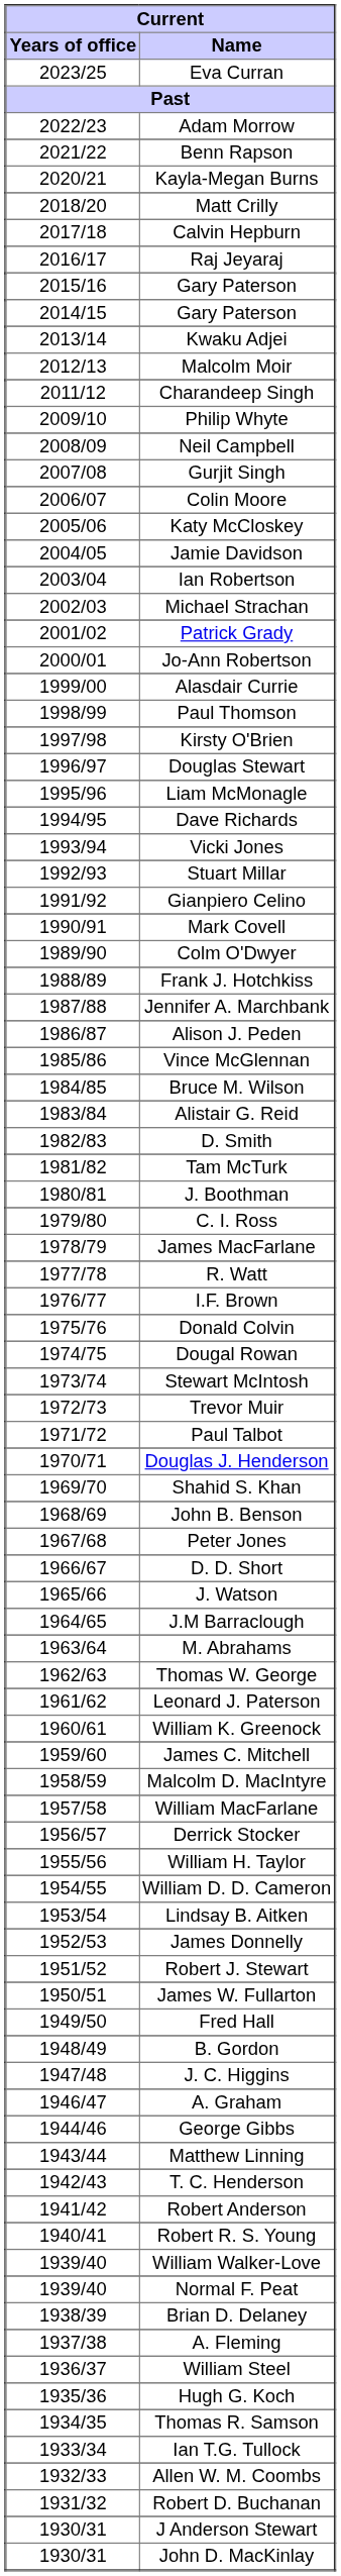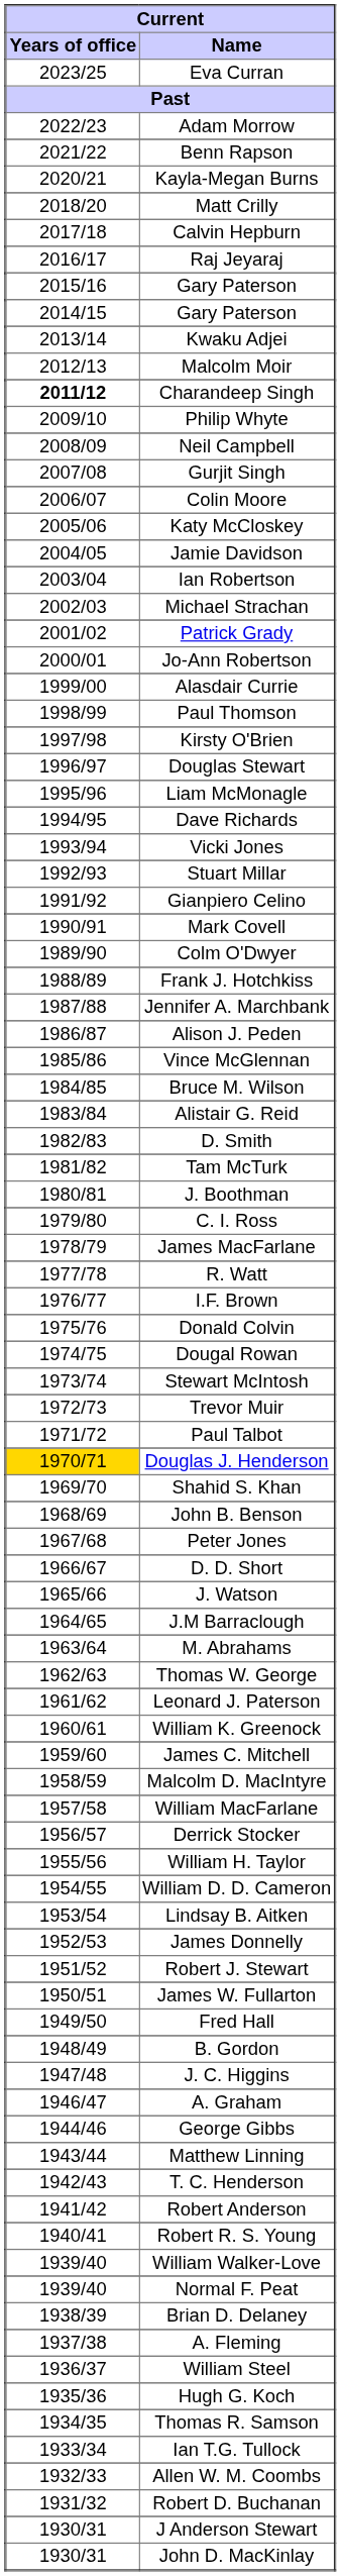 <table class="toccolours" align="center" border="2" cellspacing=0 cellpadding=2 style="text-align:center; border-collapse:collapse;">
 <tr style="background:#ccccff">
 <th colspan=4>Current</th>
 </tr>
 <tr style="background:#ccccff">
 <th>Years of office</th>
 <th>Name</th>
 </tr>
 <tr>
 <td>2023/25</td>
 <td>Eva Curran</td>
 </tr>
 <tr style="background:#ccccff">
 <th colspan=4>Past</th>
 </tr>
 <tr>
 <td>2022/23</td>
 <td>Adam Morrow</td>
 </tr>
 <tr style="background:#ccccff">
 </tr>
 <tr>
 <td>2021/22</td>
 <td>Benn Rapson</td>
 </tr>
 <tr style="background:#ccccff">
 </tr>
 <tr>
 <td>2020/21</td>
 <td>Kayla-Megan Burns</td>
 </tr>
 <tr style="background:#ccccff">
 </tr>
 <tr>
 <td>2018/20</td>
 <td>Matt Crilly</td>
 </tr>
 <tr style="background:#ccccff">
 </tr>
 <tr>
 <td>2017/18</td>
 <td>Calvin Hepburn</td>
 </tr>
 <tr style="background:#ccccff">
 </tr>
 <tr>
 </tr>
 <tr>
 <td>2016/17</td>
 <td>Raj Jeyaraj</td>
 </tr>
 <tr style="background:#ccccff">
 </tr>
 <tr>
 </tr>
 <tr>
 <td>2015/16</td>
 <td>Gary Paterson</td>
 </tr>
 <tr style="background:#ccccff">
 </tr>
 <tr>
 </tr>
 <tr>
 <td>2014/15</td>
 <td>Gary Paterson</td>
 </tr>
 <tr style="background:#ccccff">
 </tr>
 <tr>
 </tr>
 <tr>
 <td>2013/14</td>
 <td>Kwaku Adjei</td>
 </tr>
 <tr style="background:#ccccff">
 </tr>
 <tr>
 </tr>
 <tr>
 <td>2012/13</td>
 <td>Malcolm Moir</td>
 </tr>
 <tr style="background:#ccccff">
 </tr>
 <tr>
 </tr>
 <tr>
-<td>2011/12</td>
+<td><strong>2011/12</strong></td>
 <td>Charandeep Singh</td>
 </tr>
 <tr style="background:#ccccff">
 </tr>
 <tr>
 </tr>
 <tr>
 <td>2009/10</td>
 <td>Philip Whyte</td>
 </tr>
 <tr style="background:#ccccff">
 </tr>
 <tr>
 <td>2008/09</td>
 <td>Neil Campbell</td>
 </tr>
 <tr style="background:#ccccff">
 </tr>
 <tr>
 <td>2007/08</td>
 <td>Gurjit Singh</td>
 </tr>
 <tr style="background:#ccccff">
 </tr>
 <tr>
 <td>2006/07</td>
 <td>Colin Moore</td>
 </tr>
 <tr style="background:#ccccff">
 </tr>
 <tr>
 <td>2005/06</td>
 <td>Katy McCloskey</td>
 </tr>
 <tr style="background:#ccccff">
 </tr>
 <tr>
 <td>2004/05</td>
 <td>Jamie Davidson</td>
 </tr>
 <tr style="background:#ccccff">
 </tr>
 <tr>
 <td>2003/04</td>
 <td>Ian Robertson</td>
 </tr>
 <tr style="background:#ccccff">
 </tr>
 <tr>
 <td>2002/03</td>
 <td>Michael Strachan</td>
 </tr>
 <tr style="background:#ccccff">
 </tr>
 <tr>
 <td>2001/02</td>
 <td><a href='#'>Patrick Grady</a></td>
 </tr>
 <tr style="background:#ccccff">
 </tr>
 <tr>
 <td>2000/01</td>
 <td>Jo-Ann Robertson</td>
 </tr>
 <tr style="background:#ccccff">
 </tr>
 <tr>
 <td>1999/00</td>
 <td>Alasdair Currie</td>
 </tr>
 <tr style="background:#ccccff">
 </tr>
 <tr>
 <td>1998/99</td>
 <td>Paul Thomson</td>
 </tr>
 <tr style="background:#ccccff">
 </tr>
 <tr>
 <td>1997/98</td>
 <td>Kirsty O'Brien</td>
 </tr>
 <tr style="background:#ccccff">
 </tr>
 <tr>
 <td>1996/97</td>
 <td>Douglas Stewart</td>
 </tr>
 <tr style="background:#ccccff">
 </tr>
 <tr>
 <td>1995/96</td>
 <td>Liam McMonagle</td>
 </tr>
 <tr style="background:#ccccff">
 </tr>
 <tr>
 <td>1994/95</td>
 <td>Dave Richards</td>
 </tr>
 <tr style="background:#ccccff">
 </tr>
 <tr>
 <td>1993/94</td>
 <td>Vicki Jones</td>
 </tr>
 <tr style="background:#ccccff">
 </tr>
 <tr>
 <td>1992/93</td>
 <td>Stuart Millar</td>
 </tr>
 <tr style="background:#ccccff">
 </tr>
 <tr>
 <td>1991/92</td>
 <td>Gianpiero Celino</td>
 </tr>
 <tr style="background:#ccccff">
 </tr>
 <tr>
 <td>1990/91</td>
 <td>Mark Covell</td>
 </tr>
 <tr style="background:#ccccff">
 </tr>
 <tr>
 <td>1989/90</td>
 <td>Colm O'Dwyer</td>
 </tr>
 <tr style="background:#ccccff">
 </tr>
 <tr>
 <td>1988/89</td>
 <td>Frank J. Hotchkiss</td>
 </tr>
 <tr style="background:#ccccff">
 </tr>
 <tr>
 <td>1987/88</td>
 <td>Jennifer A. Marchbank</td>
 </tr>
 <tr style="background:#ccccff">
 </tr>
 <tr>
 <td>1986/87</td>
 <td>Alison J. Peden</td>
 </tr>
 <tr style="background:#ccccff">
 </tr>
 <tr>
 <td>1985/86</td>
 <td>Vince McGlennan</td>
 </tr>
 <tr style="background:#ccccff">
 </tr>
 <tr>
 <td>1984/85</td>
 <td>Bruce M. Wilson</td>
 </tr>
 <tr style="background:#ccccff">
 </tr>
 <tr>
 <td>1983/84</td>
 <td>Alistair G. Reid</td>
 </tr>
 <tr style="background:#ccccff">
 </tr>
 <tr>
 <td>1982/83</td>
 <td>D. Smith</td>
 </tr>
 <tr style="background:#ccccff">
 </tr>
 <tr>
 <td>1981/82</td>
 <td>Tam McTurk</td>
 </tr>
 <tr style="background:#ccccff">
 </tr>
 <tr>
 <td>1980/81</td>
 <td>J. Boothman</td>
 </tr>
 <tr style="background:#ccccff">
 </tr>
 <tr>
 <td>1979/80</td>
 <td>C. I. Ross</td>
 </tr>
 <tr style="background:#ccccff">
 </tr>
 <tr>
 <td>1978/79</td>
 <td>James MacFarlane</td>
 </tr>
 <tr style="background:#ccccff">
 </tr>
 <tr>
 <td>1977/78</td>
 <td>R. Watt</td>
 </tr>
 <tr style="background:#ccccff">
 </tr>
 <tr>
 <td>1976/77</td>
 <td>I.F. Brown</td>
 </tr>
 <tr style="background:#ccccff">
 </tr>
 <tr>
 <td>1975/76</td>
 <td>Donald Colvin</td>
 </tr>
 <tr style="background:#ccccff">
 </tr>
 <tr>
 <td>1974/75</td>
 <td>Dougal Rowan</td>
 </tr>
 <tr style="background:#ccccff">
 </tr>
 <tr>
 <td>1973/74</td>
 <td>Stewart McIntosh</td>
 </tr>
 <tr style="background:#ccccff">
 </tr>
 <tr>
 <td>1972/73</td>
 <td>Trevor Muir</td>
 </tr>
 <tr style="background:#ccccff">
 </tr>
 <tr>
 <td>1971/72</td>
 <td>Paul Talbot</td>
 </tr>
 <tr style="background:#ccccff">
 </tr>
 <tr>
-<td>1970/71</td>
+<td style="background: gold;">1970/71</td>
 <td><a href='#'>Douglas J. Henderson</a></td>
 </tr>
 <tr style="background:#ccccff">
 </tr>
 <tr>
 <td>1969/70</td>
 <td>Shahid S. Khan</td>
 </tr>
 <tr style="background:#ccccff">
 </tr>
 <tr>
 <td>1968/69</td>
 <td>John B. Benson</td>
 </tr>
 <tr style="background:#ccccff">
 </tr>
 <tr>
 <td>1967/68</td>
 <td>Peter Jones</td>
 </tr>
 <tr style="background:#ccccff">
 </tr>
 <tr>
 <td>1966/67</td>
 <td>D. D. Short</td>
 </tr>
 <tr style="background:#ccccff">
 </tr>
 <tr>
 <td>1965/66</td>
 <td>J. Watson</td>
 </tr>
 <tr style="background:#ccccff">
 </tr>
 <tr>
 <td>1964/65</td>
 <td>J.M Barraclough</td>
 </tr>
 <tr style="background:#ccccff">
 </tr>
 <tr>
 <td>1963/64</td>
 <td>M. Abrahams</td>
 </tr>
 <tr style="background:#ccccff">
 </tr>
 <tr>
 <td>1962/63</td>
 <td>Thomas W. George</td>
 </tr>
 <tr style="background:#ccccff">
 </tr>
 <tr>
 <td>1961/62</td>
 <td>Leonard J. Paterson</td>
 </tr>
 <tr style="background:#ccccff">
 </tr>
 <tr>
 <td>1960/61</td>
 <td>William K. Greenock</td>
 </tr>
 <tr style="background:#ccccff">
 </tr>
 <tr>
 <td>1959/60</td>
 <td>James C. Mitchell</td>
 </tr>
 <tr style="background:#ccccff">
 </tr>
 <tr>
 <td>1958/59</td>
 <td>Malcolm D. MacIntyre</td>
 </tr>
 <tr style="background:#ccccff">
 </tr>
 <tr>
 <td>1957/58</td>
 <td>William MacFarlane</td>
 </tr>
 <tr style="background:#ccccff">
 </tr>
 <tr>
 <td>1956/57</td>
 <td>Derrick Stocker</td>
 </tr>
 <tr style="background:#ccccff">
 </tr>
 <tr>
 <td>1955/56</td>
 <td>William H. Taylor</td>
 </tr>
 <tr style="background:#ccccff">
 </tr>
 <tr>
 <td>1954/55</td>
 <td>William D. D. Cameron</td>
 </tr>
 <tr style="background:#ccccff">
 </tr>
 <tr>
 <td>1953/54</td>
 <td>Lindsay B. Aitken</td>
 </tr>
 <tr style="background:#ccccff">
 </tr>
 <tr>
 <td>1952/53</td>
 <td>James Donnelly</td>
 </tr>
 <tr style="background:#ccccff">
 </tr>
 <tr>
 <td>1951/52</td>
 <td>Robert J. Stewart</td>
 </tr>
 <tr style="background:#ccccff">
 </tr>
 <tr>
 <td>1950/51</td>
 <td>James W. Fullarton</td>
 </tr>
 <tr style="background:#ccccff">
 </tr>
 <tr>
 <td>1949/50</td>
 <td>Fred Hall</td>
 </tr>
 <tr style="background:#ccccff">
 </tr>
 <tr>
 <td>1948/49</td>
 <td>B. Gordon</td>
 </tr>
 <tr style="background:#ccccff">
 </tr>
 <tr>
 <td>1947/48</td>
 <td>J. C. Higgins</td>
 </tr>
 <tr style="background:#ccccff">
 </tr>
 <tr>
 <td>1946/47</td>
 <td>A. Graham</td>
 </tr>
 <tr style="background:#ccccff">
 </tr>
 <tr>
 <td>1944/46</td>
 <td>George Gibbs</td>
 </tr>
 <tr style="background:#ccccff">
 </tr>
 <tr>
 <td>1943/44</td>
 <td>Matthew Linning</td>
 </tr>
 <tr style="background:#ccccff">
 </tr>
 <tr>
 <td>1942/43</td>
 <td>T. C. Henderson</td>
 </tr>
 <tr style="background:#ccccff">
 </tr>
 <tr>
 <td>1941/42</td>
 <td>Robert Anderson</td>
 </tr>
 <tr style="background:#ccccff">
 </tr>
 <tr>
 <td>1940/41</td>
 <td>Robert  R. S. Young</td>
 </tr>
 <tr style="background:#ccccff">
 </tr>
 <tr>
 <td>1939/40</td>
 <td>William Walker-Love</td>
 </tr>
 <tr style="background:#ccccff">
 </tr>
 <tr>
 <td>1939/40</td>
 <td>Normal F. Peat</td>
 </tr>
 <tr style="background:#ccccff">
 </tr>
 <tr>
 <td>1938/39</td>
 <td>Brian D. Delaney</td>
 </tr>
 <tr style="background:#ccccff">
 </tr>
 <tr>
 <td>1937/38</td>
 <td>A. Fleming</td>
 </tr>
 <tr style="background:#ccccff">
 </tr>
 <tr>
 <td>1936/37</td>
 <td>William Steel</td>
 </tr>
 <tr style="background:#ccccff">
 </tr>
 <tr>
 <td>1935/36</td>
 <td>Hugh G. Koch</td>
 </tr>
 <tr style="background:#ccccff">
 </tr>
 <tr>
 <td>1934/35</td>
 <td>Thomas R. Samson</td>
 </tr>
 <tr style="background:#ccccff">
 </tr>
 <tr>
 <td>1933/34</td>
 <td>Ian T.G. Tullock</td>
 </tr>
 <tr style="background:#ccccff">
 </tr>
 <tr>
 <td>1932/33</td>
 <td>Allen W. M. Coombs</td>
 </tr>
 <tr style="background:#ccccff">
 </tr>
 <tr>
 <td>1931/32</td>
 <td>Robert D. Buchanan</td>
 </tr>
 <tr style="background:#ccccff">
 </tr>
 <tr>
 <td>1930/31</td>
 <td>J Anderson Stewart</td>
 </tr>
 <tr style="background:#ccccff">
 </tr>
 <tr>
 <td>1930/31</td>
 <td>John D. MacKinlay</td>
 </tr>
 </table>
